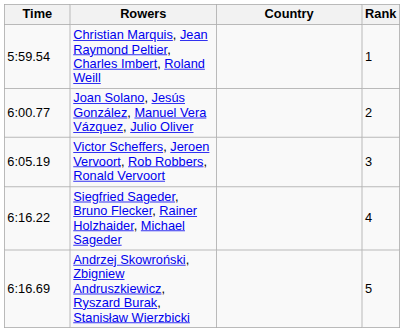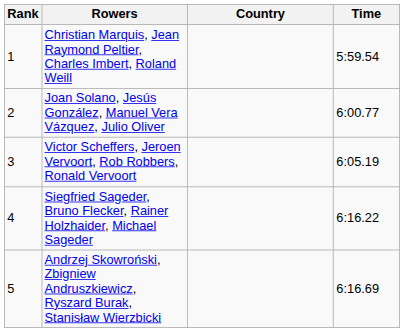 <table class="wikitable">
 <tr>
-<th width=75>Time</th>
+<th width=25>Rank</th>
 <th width=175>Rowers</th>
 <th width=175>Country</th>
-<th width=25>Rank</th>
+<th width=75>Time</th>
 </tr>
 <tr>
-<td>5:59.54</td>
+<td>1</td>
 <td><a href='#'>Christian Marquis</a>, <a href='#'>Jean Raymond Peltier</a>, <a href='#'>Charles Imbert</a>, <a href='#'>Roland Weill</a></td>
 <td></td>
-<td>1</td>
+<td>5:59.54</td>
 </tr>
 <tr>
-<td>6:00.77</td>
+<td>2</td>
 <td><a href='#'>Joan Solano</a>, <a href='#'>Jesús González</a>, <a href='#'>Manuel Vera Vázquez</a>, <a href='#'>Julio Oliver</a></td>
 <td></td>
-<td>2</td>
+<td>6:00.77</td>
 </tr>
 <tr>
-<td>6:05.19</td>
+<td>3</td>
 <td><a href='#'>Victor Scheffers</a>, <a href='#'>Jeroen Vervoort</a>, <a href='#'>Rob Robbers</a>, <a href='#'>Ronald Vervoort</a></td>
 <td></td>
-<td>3</td>
+<td>6:05.19</td>
 </tr>
 <tr>
-<td>6:16.22</td>
+<td>4</td>
 <td><a href='#'>Siegfried Sageder</a>, <a href='#'>Bruno Flecker</a>, <a href='#'>Rainer Holzhaider</a>, <a href='#'>Michael Sageder</a></td>
 <td></td>
-<td>4</td>
+<td>6:16.22</td>
 </tr>
 <tr>
-<td>6:16.69</td>
+<td>5</td>
 <td><a href='#'>Andrzej Skowroński</a>, <a href='#'>Zbigniew Andruszkiewicz</a>, <a href='#'>Ryszard Burak</a>, <a href='#'>Stanisław Wierzbicki</a></td>
 <td></td>
-<td>5</td>
+<td>6:16.69</td>
 </tr>
 </table>
